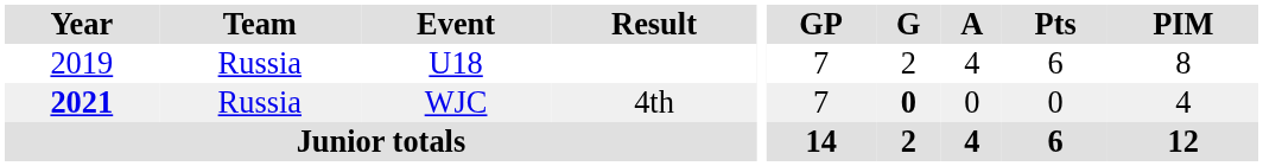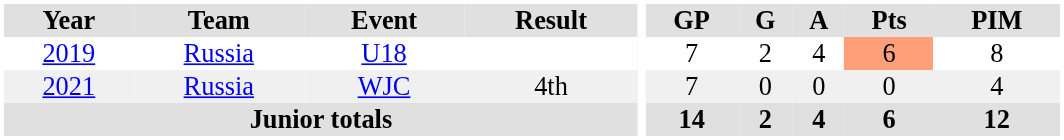 <table border="0" cellpadding="1" cellspacing="0" ID="Table3" style="text-align:center; width:40em">
 <tr ALIGN="center" bgcolor="#e0e0e0">
 <th>Year</th>
 <th>Team</th>
 <th>Event</th>
 <th>Result</th>
 <th rowspan="99" bgcolor="#ffffff"></th>
 <th>GP</th>
 <th>G</th>
 <th>A</th>
 <th>Pts</th>
 <th>PIM</th>
 </tr>
 <tr>
 <td><a href='#'>2019</a></td>
 <td><a href='#'>Russia</a></td>
 <td><a href='#'>U18</a></td>
 <td></td>
 <td>7</td>
 <td>2</td>
 <td>4</td>
-<td>6</td>
+<td style="background: lightsalmon;">6</td>
 <td>8</td>
 </tr>
 <tr bgcolor="#f0f0f0">
-<td><strong><a href='#'>2021</a></strong></td>
+<td><a href='#'>2021</a></td>
 <td><a href='#'>Russia</a></td>
 <td><a href='#'>WJC</a></td>
 <td>4th</td>
 <td>7</td>
-<td><strong>0</strong></td>
+<td>0</td>
 <td>0</td>
 <td>0</td>
 <td>4</td>
 </tr>
 <tr ALIGN="center" bgcolor="#e0e0e0">
 <th colspan=4>Junior totals</th>
 <th>14</th>
 <th>2</th>
 <th>4</th>
 <th>6</th>
 <th>12</th>
 </tr>
 </table>
